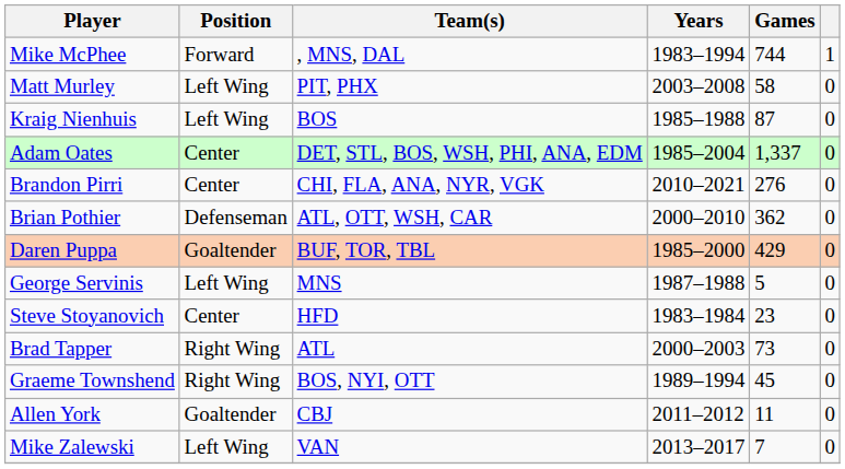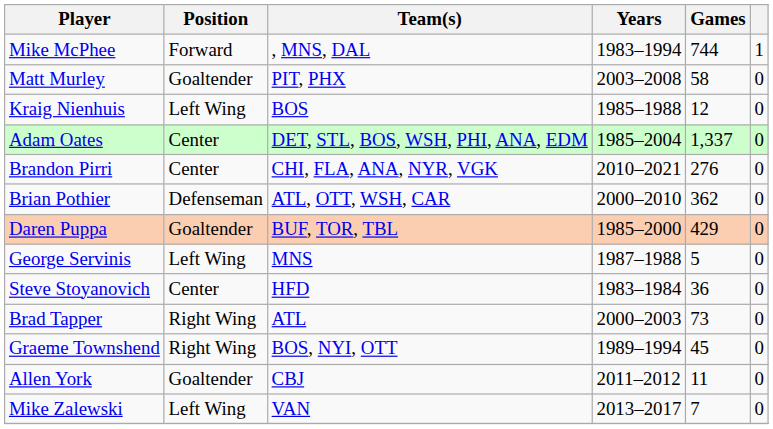 <table class="wikitable sortable">
 <tr>
 <th>Player</th>
 <th>Position</th>
 <th>Team(s)</th>
 <th>Years</th>
 <th>Games</th>
 <th><a href='#'></a></th>
 </tr>
 <tr>
 <td><a href='#'>Mike McPhee</a></td>
 <td>Forward</td>
 <td><span><strong></strong></span>, <a href='#'>MNS</a>, <a href='#'>DAL</a></td>
 <td>1983–1994</td>
 <td>744</td>
 <td>1</td>
 </tr>
 <tr>
 <td><a href='#'>Matt Murley</a></td>
-<td>Left Wing</td>
+<td>Goaltender</td>
 <td><a href='#'>PIT</a>, <a href='#'>PHX</a></td>
 <td>2003–2008</td>
 <td>58</td>
 <td>0</td>
 </tr>
 <tr>
 <td><a href='#'>Kraig Nienhuis</a></td>
 <td>Left Wing</td>
 <td><a href='#'>BOS</a></td>
 <td>1985–1988</td>
-<td>87</td>
+<td>12</td>
 <td>0</td>
 </tr>
 <tr bgcolor=CCFFCC>
 <td><a href='#'>Adam Oates</a></td>
 <td>Center</td>
 <td><a href='#'>DET</a>, <a href='#'>STL</a>, <a href='#'>BOS</a>, <a href='#'>WSH</a>, <a href='#'>PHI</a>, <a href='#'>ANA</a>, <a href='#'>EDM</a></td>
 <td>1985–2004</td>
 <td>1,337</td>
 <td>0</td>
 </tr>
 <tr>
 <td><a href='#'>Brandon Pirri</a></td>
 <td>Center</td>
 <td><a href='#'>CHI</a>, <a href='#'>FLA</a>, <a href='#'>ANA</a>, <a href='#'>NYR</a>, <a href='#'>VGK</a></td>
 <td>2010–2021</td>
 <td>276</td>
 <td>0</td>
 </tr>
 <tr>
 <td><a href='#'>Brian Pothier</a></td>
 <td>Defenseman</td>
 <td><a href='#'>ATL</a>, <a href='#'>OTT</a>, <a href='#'>WSH</a>, <a href='#'>CAR</a></td>
 <td>2000–2010</td>
 <td>362</td>
 <td>0</td>
 </tr>
 <tr bgcolor=FBCEB1>
 <td><a href='#'>Daren Puppa</a></td>
 <td>Goaltender</td>
 <td><a href='#'>BUF</a>, <a href='#'>TOR</a>, <a href='#'>TBL</a></td>
 <td>1985–2000</td>
 <td>429</td>
 <td>0</td>
 </tr>
 <tr>
 <td><a href='#'>George Servinis</a></td>
 <td>Left Wing</td>
 <td><a href='#'>MNS</a></td>
 <td>1987–1988</td>
 <td>5</td>
 <td>0</td>
 </tr>
 <tr>
 <td><a href='#'>Steve Stoyanovich</a></td>
 <td>Center</td>
 <td><a href='#'>HFD</a></td>
 <td>1983–1984</td>
-<td>23</td>
+<td>36</td>
 <td>0</td>
 </tr>
 <tr>
 <td><a href='#'>Brad Tapper</a></td>
 <td>Right Wing</td>
 <td><a href='#'>ATL</a></td>
 <td>2000–2003</td>
 <td>73</td>
 <td>0</td>
 </tr>
 <tr>
 <td><a href='#'>Graeme Townshend</a></td>
 <td>Right Wing</td>
 <td><a href='#'>BOS</a>, <a href='#'>NYI</a>, <a href='#'>OTT</a></td>
 <td>1989–1994</td>
 <td>45</td>
 <td>0</td>
 </tr>
 <tr>
 <td><a href='#'>Allen York</a></td>
 <td>Goaltender</td>
 <td><a href='#'>CBJ</a></td>
 <td>2011–2012</td>
 <td>11</td>
 <td>0</td>
 </tr>
 <tr>
 <td><a href='#'>Mike Zalewski</a></td>
 <td>Left Wing</td>
 <td><a href='#'>VAN</a></td>
 <td>2013–2017</td>
 <td>7</td>
 <td>0</td>
 </tr>
 <tr>
 </tr>
 </table>
